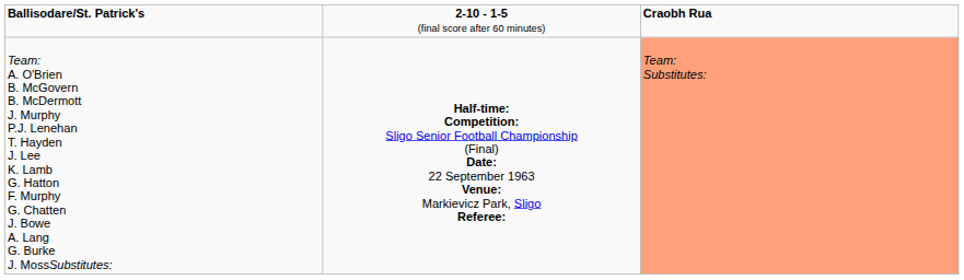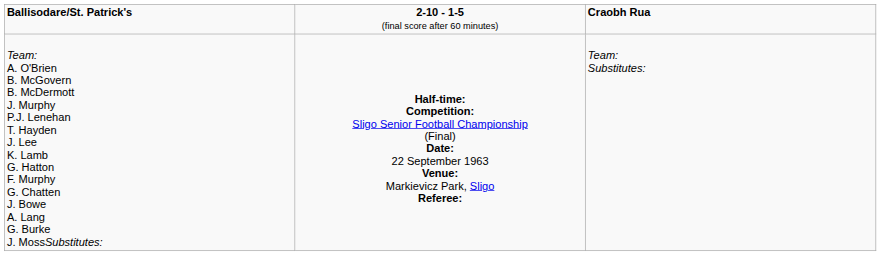 <table border=0 class="wikitable" width=100%>
 <tr>
 <td width=33% valign=top><span><strong>Ballisodare/St. Patrick's</strong></span><br><small></small></td>
 <td width=33% valign=top align=center><span><strong>2-10 - 1-5</strong></span><br><small>(final score after 60 minutes)</small></td>
 <td width=33% valign=top><span><strong>Craobh Rua</strong></span><br><small></small></td>
 </tr>
 <tr>
 <td valign=top><br><em>Team:</em> <br>A. O'Brien <br>B. McGovern <br>B. McDermott <br>J. Murphy <br>P.J. Lenehan <br>T. Hayden <br>J. Lee <br>K. Lamb <br>G. Hatton <br>F. Murphy <br>G. Chatten <br>J. Bowe <br>A. Lang <br>G. Burke <br>J. Moss<em>Substitutes:</em> <br></td>
 <td valign=middle align=center><br><strong>Half-time:</strong><br><strong>Competition:</strong><br><a href='#'>Sligo Senior Football Championship</a><br>(Final)<br><strong>Date:</strong><br>22 September 1963<br><strong>Venue:</strong><br>Markievicz Park, <a href='#'>Sligo</a><br><strong>Referee:</strong><br></td>
-<td valign=top style="background: lightsalmon;"><br><em>Team:</em> <br><em>Substitutes:</em> <br></td>
+<td valign=top><br><em>Team:</em> <br><em>Substitutes:</em> <br></td>
 </tr>
 </table>
